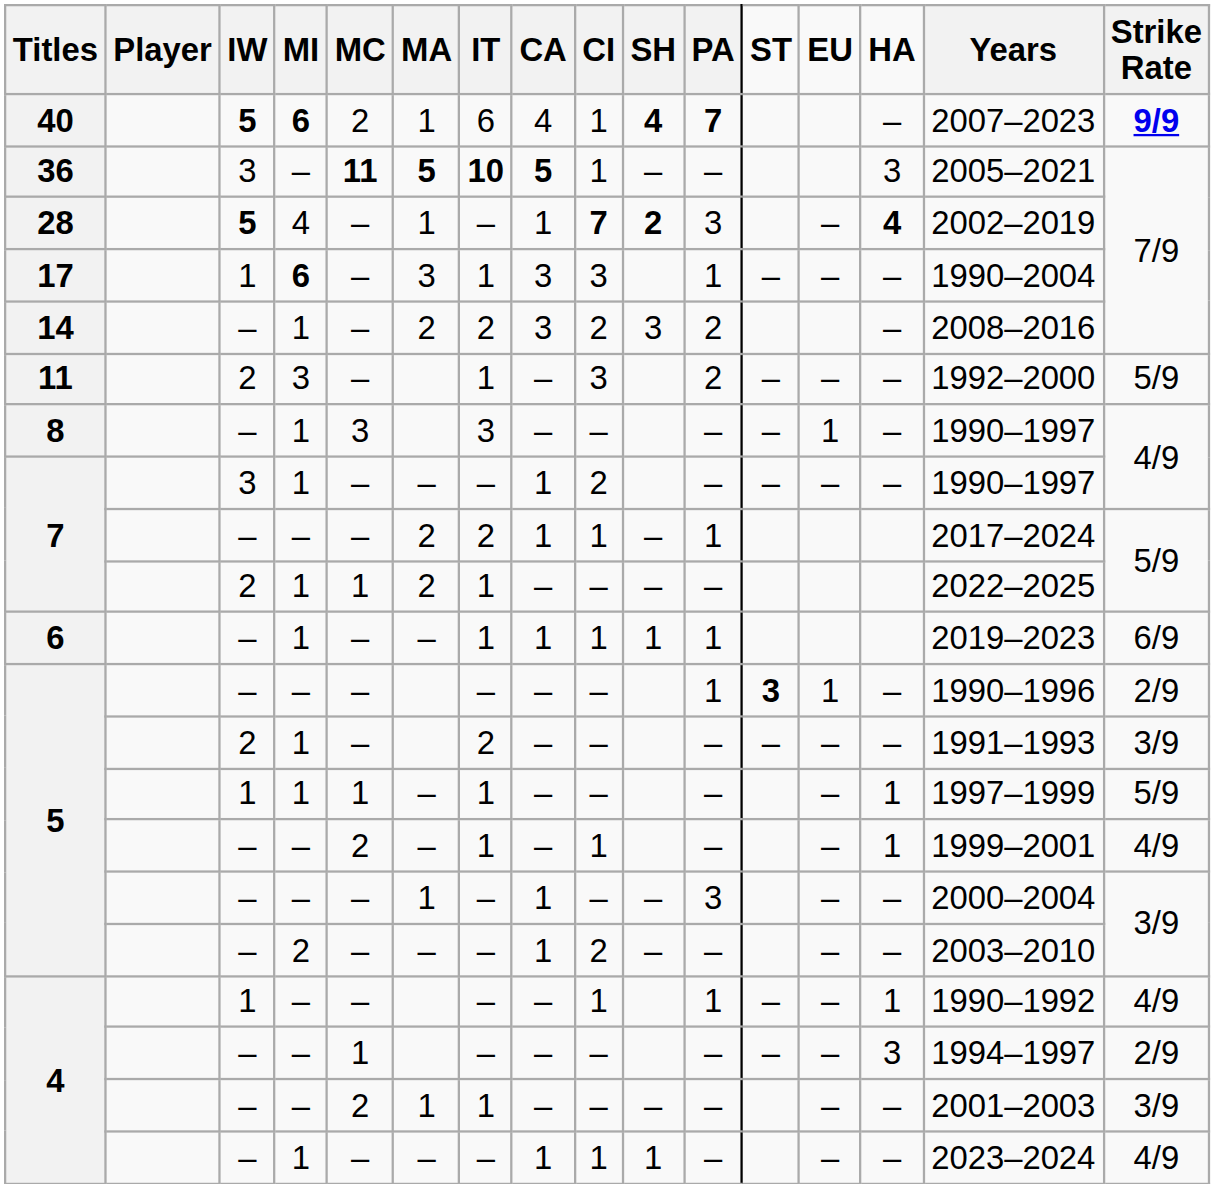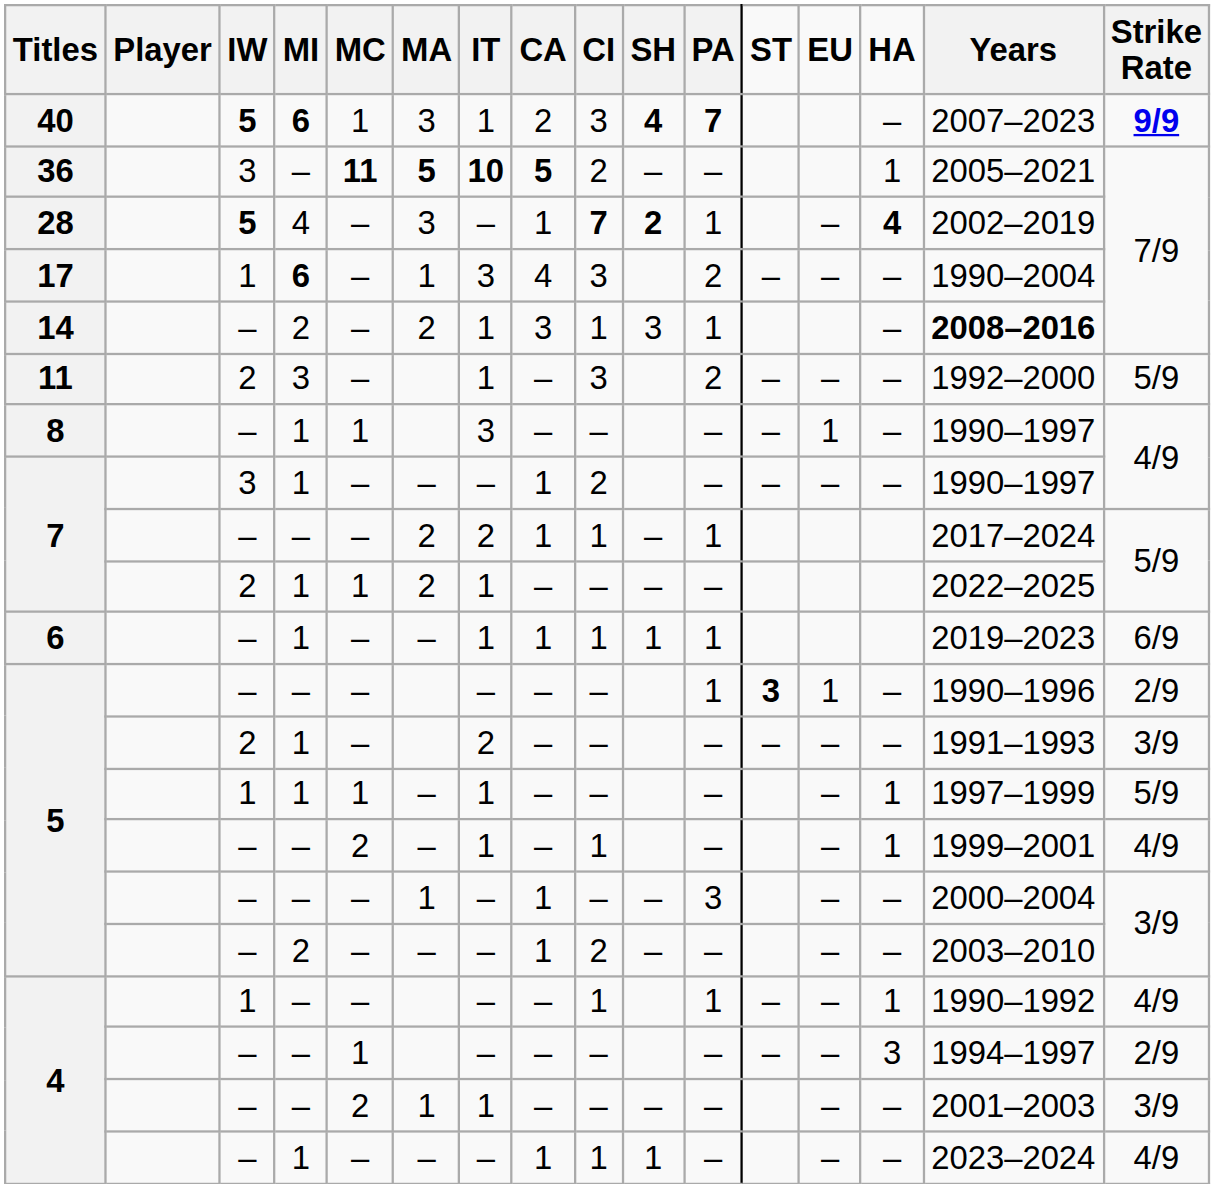 <table class="wikitable mw-datatable sortable sort-under-center defaultcenter sticky-table-row1 sticky-table-col2" style="font-size: 90%; text-align:center">
 <tr>
 <th scope="col">Titles</th>
 <th scope="col">Player</th>
 <th scope="col">IW</th>
 <th scope="col">MI</th>
 <th scope="col">MC</th>
 <th scope="col">MA</th>
 <th scope="col">IT</th>
 <th scope="col">CA</th>
 <th scope="col">CI</th>
 <th scope="col">SH</th>
 <th scope="col" style="border-right: 1pt black solid">PA</th>
 <th scope="col" style="background-color:transparent">ST</th>
 <th scope="col" style="background-color:transparent">EU</th>
 <th scope="col" style="background-color:transparent">HA</th>
 <th scope="col">Years</th>
 <th scope="col">Strike<br>Rate</th>
 </tr>
 <tr>
 <th scope="row">40</th>
 <td style="text-align:left"></td>
 <td><strong>5</strong></td>
 <td><strong>6</strong></td>
+<td>1</td>
+<td>3</td>
+<td>1</td>
 <td>2</td>
-<td>1</td>
-<td>6</td>
-<td>4</td>
-<td>1</td>
+<td>3</td>
 <td><strong>4</strong></td>
 <td style="border-right: 1pt black solid"><strong>7</strong></td>
 <td></td>
 <td></td>
 <td>–</td>
 <td>2007–2023</td>
 <td><strong><a href='#'>9/9</a></strong></td>
 </tr>
 <tr>
 <th scope="row">36</th>
 <td style="text-align:left"></td>
 <td>3</td>
 <td>–</td>
 <td><strong>11</strong></td>
 <td><strong>5</strong></td>
 <td><strong>10</strong></td>
 <td><strong>5</strong></td>
-<td>1</td>
+<td>2</td>
 <td>–</td>
 <td style="border-right: 1pt black solid">–</td>
 <td></td>
 <td></td>
-<td>3</td>
+<td>1</td>
 <td>2005–2021</td>
 <td rowspan="4">7/9</td>
 </tr>
 <tr>
 <th scope="row">28</th>
 <td style="text-align:left"></td>
 <td><strong>5</strong></td>
 <td>4</td>
 <td>–</td>
-<td>1</td>
+<td>3</td>
 <td>–</td>
 <td>1</td>
 <td><strong>7</strong></td>
 <td><strong>2</strong></td>
-<td style="border-right: 1pt black solid">3</td>
+<td style="border-right: 1pt black solid">1</td>
 <td></td>
 <td>–</td>
 <td><strong>4</strong></td>
 <td>2002–2019</td>
 </tr>
 <tr>
 <th scope="row">17</th>
 <td style="text-align:left"></td>
 <td>1</td>
 <td><strong>6</strong></td>
 <td>–</td>
-<td>3</td>
 <td>1</td>
 <td>3</td>
+<td>4</td>
 <td>3</td>
 <td></td>
-<td style="border-right: 1pt black solid">1</td>
+<td style="border-right: 1pt black solid">2</td>
 <td>–</td>
 <td>–</td>
 <td>–</td>
 <td>1990–2004</td>
 </tr>
 <tr>
 <th scope="row">14</th>
 <td style="text-align:left"></td>
 <td>–</td>
-<td>1</td>
+<td>2</td>
 <td>–</td>
 <td>2</td>
-<td>2</td>
+<td>1</td>
 <td>3</td>
-<td>2</td>
+<td>1</td>
 <td>3</td>
-<td style="border-right: 1pt black solid">2</td>
+<td style="border-right: 1pt black solid">1</td>
 <td></td>
 <td></td>
 <td>–</td>
-<td>2008–2016</td>
+<td><strong>2008–2016</strong></td>
 </tr>
 <tr>
 <th scope="row">11</th>
 <td style="text-align:left"></td>
 <td>2</td>
 <td>3</td>
 <td>–</td>
 <td></td>
 <td>1</td>
 <td>–</td>
 <td>3</td>
 <td></td>
 <td style="border-right: 1pt black solid">2</td>
 <td>–</td>
 <td>–</td>
 <td>–</td>
 <td>1992–2000</td>
 <td>5/9</td>
 </tr>
 <tr>
 <th scope="row">8</th>
 <td style="text-align:left"></td>
 <td>–</td>
 <td>1</td>
-<td>3</td>
+<td>1</td>
 <td></td>
 <td>3</td>
 <td>–</td>
 <td>–</td>
 <td></td>
 <td style="border-right: 1pt black solid">–</td>
 <td>–</td>
 <td>1</td>
 <td>–</td>
 <td>1990–1997</td>
 <td rowspan="2">4/9</td>
 </tr>
 <tr>
 <th rowspan="3" scope="row">7</th>
 <td style="text-align:left"></td>
 <td>3</td>
 <td>1</td>
 <td>–</td>
 <td>–</td>
 <td>–</td>
 <td>1</td>
 <td>2</td>
 <td></td>
 <td style="border-right: 1pt black solid">–</td>
 <td>–</td>
 <td>–</td>
 <td>–</td>
 <td>1990–1997</td>
 </tr>
 <tr>
 <td style="text-align:left" class="sticky-table-left"></td>
 <td class="sticky-table-none">–</td>
 <td>–</td>
 <td>–</td>
 <td>2</td>
 <td>2</td>
 <td>1</td>
 <td>1</td>
 <td>–</td>
 <td style="border-right: 1pt black solid">1</td>
 <td></td>
 <td></td>
 <td></td>
 <td>2017–2024</td>
 <td rowspan="2">5/9</td>
 </tr>
 <tr>
 <td style="text-align:left" class="sticky-table-left"></td>
 <td class="sticky-table-none">2</td>
 <td>1</td>
 <td>1</td>
 <td>2</td>
 <td>1</td>
 <td>–</td>
 <td>–</td>
 <td>–</td>
 <td style="border-right: 1pt black solid">–</td>
 <td></td>
 <td></td>
 <td></td>
 <td>2022–2025</td>
 </tr>
 <tr>
 <th scope="row">6</th>
 <td style="text-align:left"></td>
 <td>–</td>
 <td>1</td>
 <td>–</td>
 <td>–</td>
 <td>1</td>
 <td>1</td>
 <td>1</td>
 <td>1</td>
 <td style="border-right: 1pt black solid">1</td>
 <td></td>
 <td></td>
 <td></td>
 <td>2019–2023</td>
 <td>6/9</td>
 </tr>
 <tr>
 <th rowspan="6" scope="row">5</th>
 <td style="text-align:left"></td>
 <td>–</td>
 <td>–</td>
 <td>–</td>
 <td></td>
 <td>–</td>
 <td>–</td>
 <td>–</td>
 <td></td>
 <td style="border-right: 1pt black solid">1</td>
 <td><strong>3</strong></td>
 <td>1</td>
 <td>–</td>
 <td>1990–1996</td>
 <td>2/9</td>
 </tr>
 <tr>
 <td style="text-align:left" class="sticky-table-left"></td>
 <td class="sticky-table-none">2</td>
 <td>1</td>
 <td>–</td>
 <td></td>
 <td>2</td>
 <td>–</td>
 <td>–</td>
 <td></td>
 <td style="border-right: 1pt black solid">–</td>
 <td>–</td>
 <td>–</td>
 <td>–</td>
 <td>1991–1993</td>
 <td>3/9</td>
 </tr>
 <tr>
 <td style="text-align:left" class="sticky-table-left"></td>
 <td class="sticky-table-none">1</td>
 <td>1</td>
 <td>1</td>
 <td>–</td>
 <td>1</td>
 <td>–</td>
 <td>–</td>
 <td></td>
 <td style="border-right: 1pt black solid">–</td>
 <td></td>
 <td>–</td>
 <td>1</td>
 <td>1997–1999</td>
 <td>5/9</td>
 </tr>
 <tr>
 <td style="text-align:left" class="sticky-table-left"></td>
 <td class="sticky-table-none">–</td>
 <td>–</td>
 <td>2</td>
 <td>–</td>
 <td>1</td>
 <td>–</td>
 <td>1</td>
 <td></td>
 <td style="border-right: 1pt black solid">–</td>
 <td></td>
 <td>–</td>
 <td>1</td>
 <td>1999–2001</td>
 <td>4/9</td>
 </tr>
 <tr>
 <td style="text-align:left" class="sticky-table-left"></td>
 <td class="sticky-table-none">–</td>
 <td>–</td>
 <td>–</td>
 <td>1</td>
 <td>–</td>
 <td>1</td>
 <td>–</td>
 <td>–</td>
 <td style="border-right: 1pt black solid">3</td>
 <td></td>
 <td>–</td>
 <td>–</td>
 <td>2000–2004</td>
 <td rowspan="2”">3/9</td>
 </tr>
 <tr>
 <td style="text-align:left" class="sticky-table-left"></td>
 <td class="sticky-table-none">–</td>
 <td>2</td>
 <td>–</td>
 <td>–</td>
 <td>–</td>
 <td>1</td>
 <td>2</td>
 <td>–</td>
 <td style="border-right: 1pt black solid">–</td>
 <td></td>
 <td>–</td>
 <td>–</td>
 <td>2003–2010</td>
 </tr>
 <tr>
 <th scope="row" rowspan="4">4</th>
 <td style="text-align:left"></td>
 <td>1</td>
 <td>–</td>
 <td>–</td>
 <td></td>
 <td>–</td>
 <td>–</td>
 <td>1</td>
 <td></td>
 <td style="border-right: 1pt black solid">1</td>
 <td>–</td>
 <td>–</td>
 <td>1</td>
 <td>1990–1992</td>
 <td>4/9</td>
 </tr>
 <tr>
 <td style="text-align:left" class="sticky-table-left"></td>
 <td class="sticky-table-none">–</td>
 <td>–</td>
 <td>1</td>
 <td></td>
 <td>–</td>
 <td>–</td>
 <td>–</td>
 <td></td>
 <td style="border-right: 1pt black solid">–</td>
 <td>–</td>
 <td>–</td>
 <td>3</td>
 <td>1994–1997</td>
 <td>2/9</td>
 </tr>
 <tr>
 <td style="text-align:left" class="sticky-table-left"></td>
 <td class="sticky-table-none">–</td>
 <td>–</td>
 <td>2</td>
 <td>1</td>
 <td>1</td>
 <td>–</td>
 <td>–</td>
 <td>–</td>
 <td style="border-right: 1pt black solid">–</td>
 <td></td>
 <td>–</td>
 <td>–</td>
 <td>2001–2003</td>
 <td>3/9</td>
 </tr>
 <tr>
 <td style="text-align:left" class="sticky-table-left"></td>
 <td class="sticky-table-none">–</td>
 <td>1</td>
 <td>–</td>
 <td>–</td>
 <td>–</td>
 <td>1</td>
 <td>1</td>
 <td>1</td>
 <td style="border-right: 1pt black solid">–</td>
 <td></td>
 <td>–</td>
 <td>–</td>
 <td>2023–2024</td>
 <td>4/9</td>
 </tr>
 </table>
